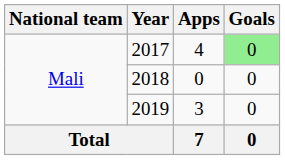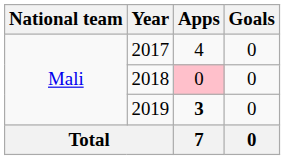 <table class="wikitable" style="text-align:center">
 <tr>
 <th>National team</th>
 <th>Year</th>
 <th>Apps</th>
 <th>Goals</th>
 </tr>
 <tr>
 <td rowspan="3"><a href='#'>Mali</a></td>
 <td>2017</td>
 <td>4</td>
-<td style="background: lightgreen;">0</td>
+<td>0</td>
 </tr>
 <tr>
 <td>2018</td>
-<td>0</td>
+<td style="background: pink;">0</td>
 <td>0</td>
 </tr>
 <tr>
 <td>2019</td>
-<td>3</td>
+<td><strong>3</strong></td>
 <td>0</td>
 </tr>
 <tr>
 <th colspan="2">Total</th>
 <th>7</th>
 <th>0</th>
 </tr>
 </table>
